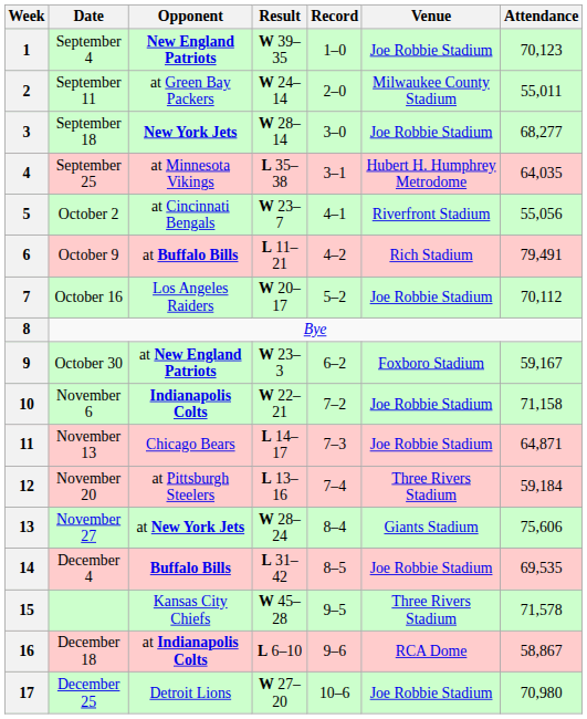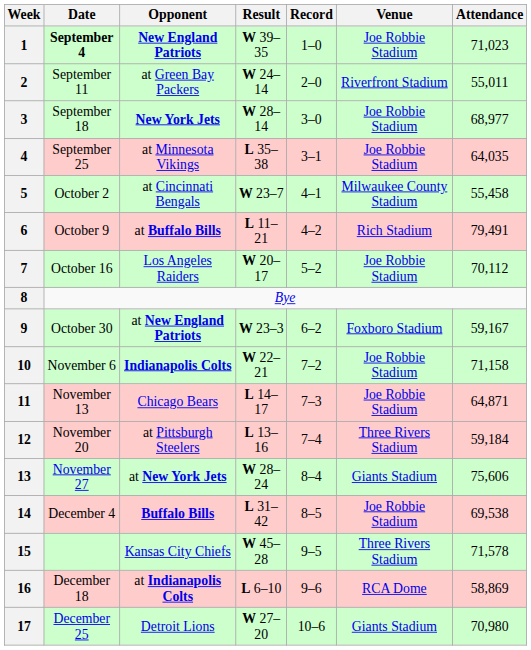 <table class="wikitable" style="text-align:center">
 <tr>
 <th>Week</th>
 <th>Date</th>
 <th>Opponent</th>
 <th>Result</th>
 <th>Record</th>
 <th>Venue</th>
 <th>Attendance</th>
 </tr>
 <tr style="background:#cfc">
 <th>1</th>
-<td>September 4</td>
+<td><strong>September 4</strong></td>
 <td><strong><a href='#'>New England Patriots</a></strong></td>
 <td><strong>W</strong> 39–35</td>
 <td>1–0</td>
 <td><a href='#'>Joe Robbie Stadium</a></td>
-<td>70,123</td>
+<td>71,023</td>
 </tr>
 <tr style="background:#cfc">
 <th>2</th>
 <td>September 11</td>
 <td>at <a href='#'>Green Bay Packers</a></td>
 <td><strong>W</strong> 24–14</td>
 <td>2–0</td>
-<td><a href='#'>Milwaukee County Stadium</a></td>
+<td><a href='#'>Riverfront Stadium</a></td>
 <td>55,011</td>
 </tr>
 <tr style="background:#cfc">
 <th>3</th>
 <td>September 18</td>
 <td><strong><a href='#'>New York Jets</a></strong></td>
 <td><strong>W</strong> 28–14</td>
 <td>3–0</td>
 <td><a href='#'>Joe Robbie Stadium</a></td>
-<td>68,277</td>
+<td>68,977</td>
 </tr>
 <tr style="background:#fcc">
 <th>4</th>
 <td>September 25</td>
 <td>at <a href='#'>Minnesota Vikings</a></td>
 <td><strong>L</strong> 35–38</td>
 <td>3–1</td>
-<td><a href='#'>Hubert H. Humphrey Metrodome</a></td>
+<td><a href='#'>Joe Robbie Stadium</a></td>
 <td>64,035</td>
 </tr>
 <tr style="background:#cfc">
 <th>5</th>
 <td>October 2</td>
 <td>at <a href='#'>Cincinnati Bengals</a></td>
 <td><strong>W</strong> 23–7</td>
 <td>4–1</td>
-<td><a href='#'>Riverfront Stadium</a></td>
-<td>55,056</td>
+<td><a href='#'>Milwaukee County Stadium</a></td>
+<td>55,458</td>
 </tr>
 <tr style="background:#fcc">
 <th>6</th>
 <td>October 9</td>
 <td>at <strong><a href='#'>Buffalo Bills</a></strong></td>
 <td><strong>L</strong> 11–21</td>
 <td>4–2</td>
 <td><a href='#'>Rich Stadium</a></td>
 <td>79,491</td>
 </tr>
 <tr style="background:#cfc">
 <th>7</th>
 <td>October 16</td>
 <td><a href='#'>Los Angeles Raiders</a></td>
 <td><strong>W</strong> 20–17 </td>
 <td>5–2</td>
 <td><a href='#'>Joe Robbie Stadium</a></td>
 <td>70,112</td>
 </tr>
 <tr>
 <th>8</th>
 <td colspan=7><em><a href='#'>Bye</a></em></td>
 </tr>
 <tr style="background:#cfc">
 <th>9</th>
 <td>October 30</td>
 <td>at <strong><a href='#'>New England Patriots</a></strong></td>
 <td><strong>W</strong> 23–3</td>
 <td>6–2</td>
 <td><a href='#'>Foxboro Stadium</a></td>
 <td>59,167</td>
 </tr>
 <tr style="background:#cfc">
 <th>10</th>
 <td>November 6</td>
 <td><strong><a href='#'>Indianapolis Colts</a></strong></td>
 <td><strong>W</strong> 22–21</td>
 <td>7–2</td>
 <td><a href='#'>Joe Robbie Stadium</a></td>
 <td>71,158</td>
 </tr>
 <tr style="background:#fcc">
 <th>11</th>
 <td>November 13</td>
 <td><a href='#'>Chicago Bears</a></td>
 <td><strong>L</strong> 14–17</td>
 <td>7–3</td>
 <td><a href='#'>Joe Robbie Stadium</a></td>
 <td>64,871</td>
 </tr>
 <tr style="background:#fcc">
 <th>12</th>
 <td>November 20</td>
 <td>at <a href='#'>Pittsburgh Steelers</a></td>
 <td><strong>L</strong> 13–16 </td>
 <td>7–4</td>
 <td><a href='#'>Three Rivers Stadium</a></td>
 <td>59,184</td>
 </tr>
 <tr style="background:#cfc">
 <th>13</th>
 <td><a href='#'>November 27</a></td>
 <td>at <strong><a href='#'>New York Jets</a></strong></td>
 <td><strong>W</strong> 28–24</td>
 <td>8–4</td>
 <td><a href='#'>Giants Stadium</a></td>
 <td>75,606</td>
 </tr>
 <tr style="background:#fcc">
 <th>14</th>
 <td>December 4</td>
 <td><strong><a href='#'>Buffalo Bills</a></strong></td>
 <td><strong>L</strong> 31–42</td>
 <td>8–5</td>
 <td><a href='#'>Joe Robbie Stadium</a></td>
-<td>69,535</td>
+<td>69,538</td>
 </tr>
 <tr style="background:#cfc">
 <th>15</th>
 <td></td>
 <td><a href='#'>Kansas City Chiefs</a></td>
 <td><strong>W</strong> 45–28</td>
 <td>9–5</td>
 <td><a href='#'>Three Rivers Stadium</a></td>
 <td>71,578</td>
 </tr>
 <tr style="background:#fcc">
 <th>16</th>
 <td>December 18</td>
 <td>at <strong><a href='#'>Indianapolis Colts</a></strong></td>
 <td><strong>L</strong> 6–10</td>
 <td>9–6</td>
 <td><a href='#'>RCA Dome</a></td>
-<td>58,867</td>
+<td>58,869</td>
 </tr>
 <tr style="background:#cfc">
 <th>17</th>
 <td><a href='#'>December 25</a></td>
 <td><a href='#'>Detroit Lions</a></td>
 <td><strong>W</strong> 27–20</td>
 <td>10–6</td>
-<td><a href='#'>Joe Robbie Stadium</a></td>
+<td><a href='#'>Giants Stadium</a></td>
 <td>70,980</td>
 </tr>
 </table>
